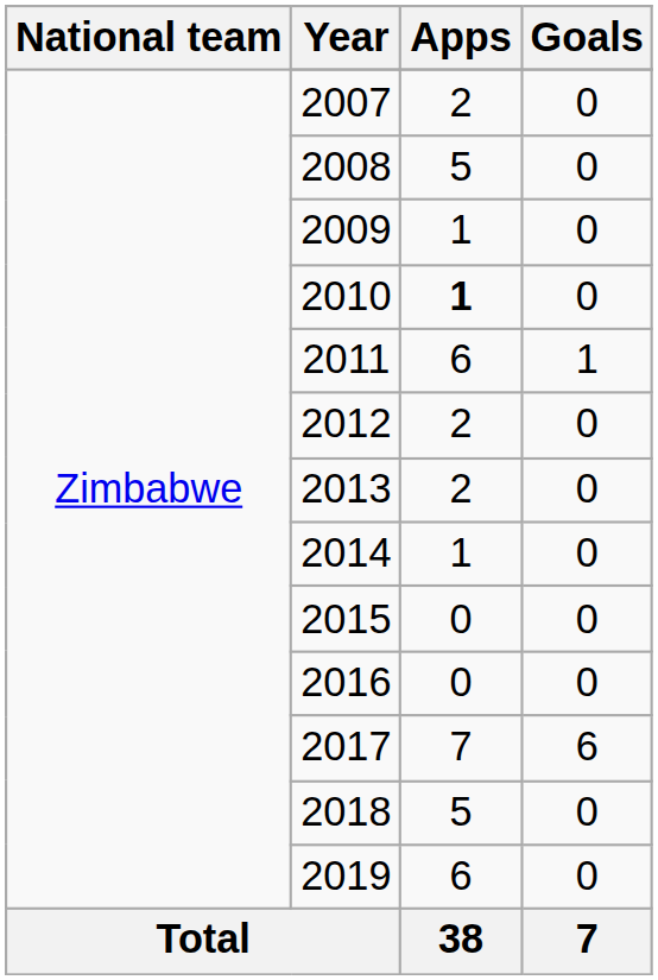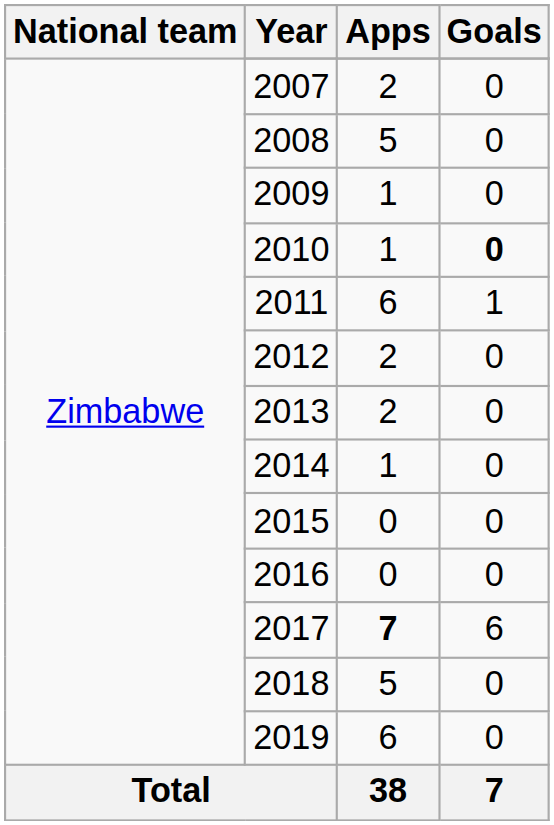 <table class="wikitable" style="text-align:center">
 <tr>
 <th>National team</th>
 <th>Year</th>
 <th>Apps</th>
 <th>Goals</th>
 </tr>
 <tr>
 <td rowspan="14"><a href='#'>Zimbabwe</a></td>
 </tr>
 <tr>
 <td>2007</td>
 <td>2</td>
 <td>0</td>
 </tr>
 <tr>
 <td>2008</td>
 <td>5</td>
 <td>0</td>
 </tr>
 <tr>
 <td>2009</td>
 <td>1</td>
 <td>0</td>
 </tr>
 <tr>
 <td>2010</td>
-<td><strong>1</strong></td>
-<td>0</td>
+<td>1</td>
+<td><strong>0</strong></td>
 </tr>
 <tr>
 <td>2011</td>
 <td>6</td>
 <td>1</td>
 </tr>
 <tr>
 <td>2012</td>
 <td>2</td>
 <td>0</td>
 </tr>
 <tr>
 <td>2013</td>
 <td>2</td>
 <td>0</td>
 </tr>
 <tr>
 <td>2014</td>
 <td>1</td>
 <td>0</td>
 </tr>
 <tr>
 <td>2015</td>
 <td>0</td>
 <td>0</td>
 </tr>
 <tr>
 <td>2016</td>
 <td>0</td>
 <td>0</td>
 </tr>
 <tr>
 <td>2017</td>
-<td>7</td>
+<td><strong>7</strong></td>
 <td>6</td>
 </tr>
 <tr>
 <td>2018</td>
 <td>5</td>
 <td>0</td>
 </tr>
 <tr>
 <td>2019</td>
 <td>6</td>
 <td>0</td>
 </tr>
 <tr>
 <th colspan=2>Total</th>
 <th>38</th>
 <th>7</th>
 </tr>
 </table>
